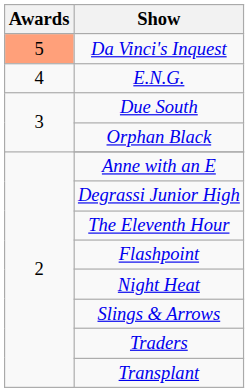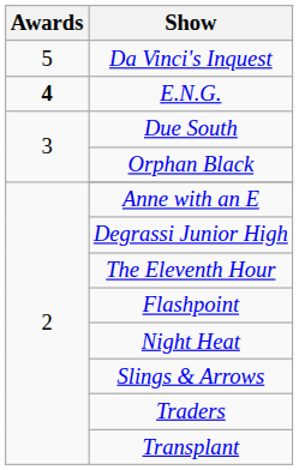 <table class="wikitable" rowspan="2" style="text-align:center">
 <tr>
 <th scope="col">Awards</th>
 <th scope="col">Show</th>
 </tr>
 <tr>
-<td style="background: lightsalmon;">5</td>
+<td>5</td>
 <td><em><a href='#'>Da Vinci's Inquest</a></em></td>
 </tr>
 <tr>
-<td>4</td>
+<td><strong>4</strong></td>
 <td><em><a href='#'>E.N.G.</a></em></td>
 </tr>
 <tr>
 <td rowspan=2 style="text-align:center;">3</td>
 <td><em><a href='#'>Due South</a></em></td>
 </tr>
 <tr>
 <td><em><a href='#'>Orphan Black</a></em></td>
 </tr>
 <tr>
 <td rowspan=9 style="text-align:center;">2</td>
 </tr>
 <tr>
 <td><em><a href='#'>Anne with an E</a></em></td>
 </tr>
 <tr>
 <td><em><a href='#'>Degrassi Junior High</a></em></td>
 </tr>
 <tr>
 <td><em><a href='#'>The Eleventh Hour</a></em></td>
 </tr>
 <tr>
 <td><em><a href='#'>Flashpoint</a></em></td>
 </tr>
 <tr>
 <td><em><a href='#'>Night Heat</a></em></td>
 </tr>
 <tr>
 <td><em><a href='#'>Slings & Arrows</a></em></td>
 </tr>
 <tr>
 <td><em><a href='#'>Traders</a></em></td>
 </tr>
 <tr>
 <td><em><a href='#'>Transplant</a></em></td>
 </tr>
 </table>
